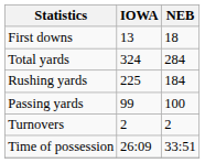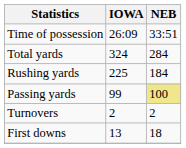 <table class="wikitable">
 <tr>
 <th>Statistics</th>
 <th>IOWA</th>
 <th>NEB</th>
 </tr>
 <tr>
-<td>First downs</td>
-<td>13</td>
-<td>18</td>
+<td>Time of possession</td>
+<td>26:09</td>
+<td>33:51</td>
 </tr>
 <tr>
 <td>Total yards</td>
 <td>324</td>
 <td>284</td>
 </tr>
 <tr>
 <td>Rushing yards</td>
 <td>225</td>
 <td>184</td>
 </tr>
 <tr>
 <td>Passing yards</td>
 <td>99</td>
-<td>100</td>
+<td style="background: khaki;">100</td>
 </tr>
 <tr>
 <td>Turnovers</td>
 <td>2</td>
 <td>2</td>
 </tr>
 <tr>
-<td>Time of possession</td>
-<td>26:09</td>
-<td>33:51</td>
+<td>First downs</td>
+<td>13</td>
+<td>18</td>
 </tr>
 <tr>
 </tr>
 </table>
